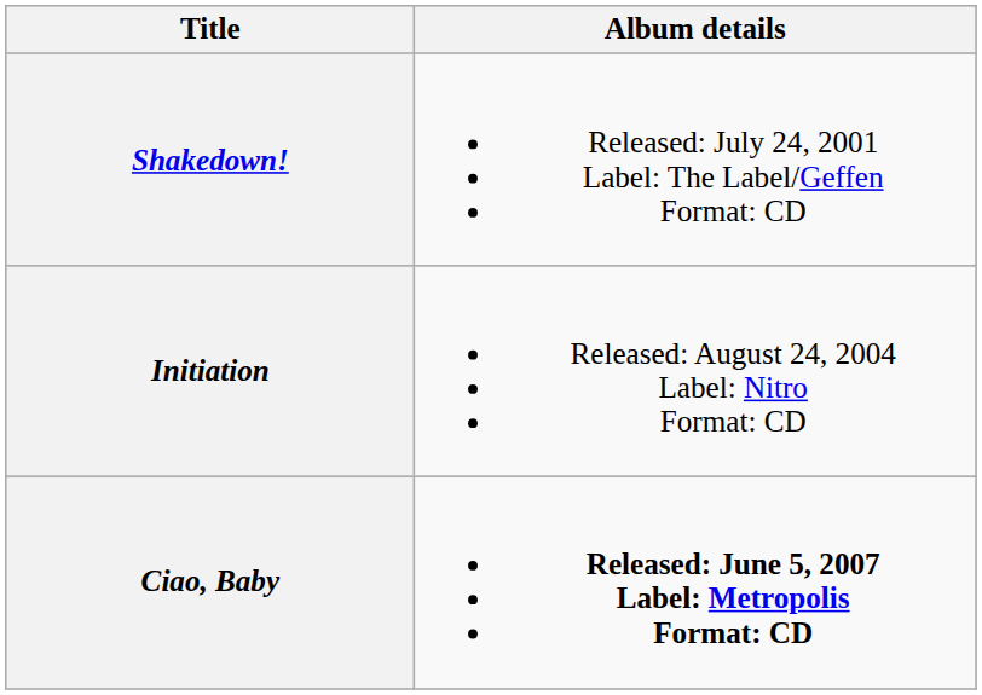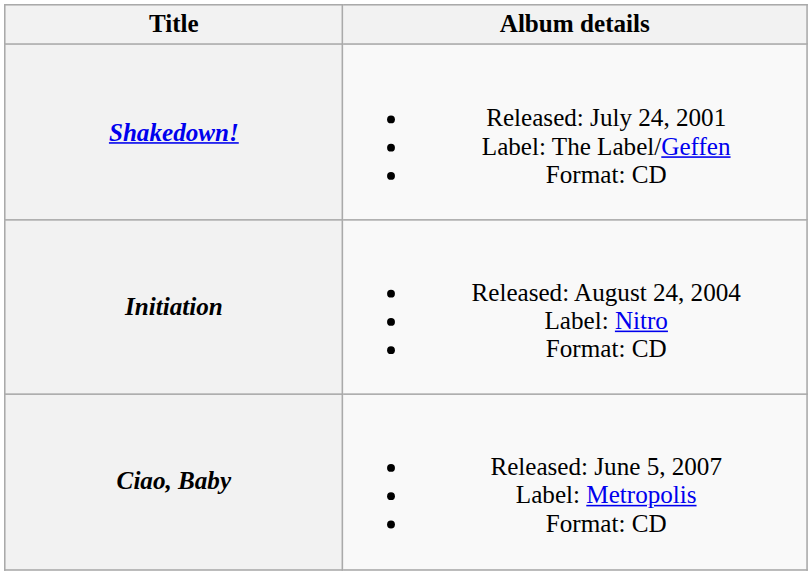 <table class="wikitable plainrowheaders" style="text-align:center;" border="1">
 <tr>
 <th scope="col" style="width:13em;">Title</th>
 <th scope="col" style="width:18em;">Album details</th>
 </tr>
 <tr>
 <th scope="row"><em><a href='#'>Shakedown!</a></em></th>
 <td><br><ul><li>Released: July 24, 2001</li><li>Label: The Label/<a href='#'>Geffen</a></li><li>Format: CD</li></ul></td>
 </tr>
 <tr>
 <th scope="row"><em>Initiation</em></th>
 <td><br><ul><li>Released: August 24, 2004</li><li>Label: <a href='#'>Nitro</a></li><li>Format: CD</li></ul></td>
 </tr>
 <tr>
 <th scope="row"><em>Ciao, Baby</em></th>
-<td><strong><br><ul><li>Released: June 5, 2007</li><li>Label: <a href='#'>Metropolis</a></li><li>Format: CD</li></ul></strong></td>
+<td><br><ul><li>Released: June 5, 2007</li><li>Label: <a href='#'>Metropolis</a></li><li>Format: CD</li></ul></td>
 </tr>
 </table>
